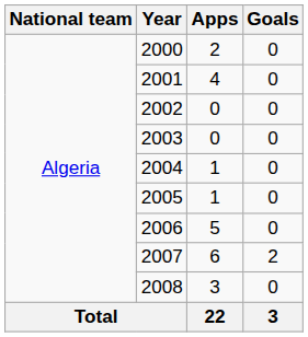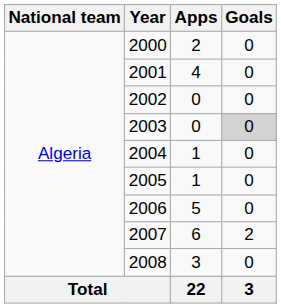 <table class="wikitable" style="text-align:center">
 <tr>
 <th>National team</th>
 <th>Year</th>
 <th>Apps</th>
 <th>Goals</th>
 </tr>
 <tr>
 <td rowspan="9"><a href='#'>Algeria</a></td>
 <td>2000</td>
 <td>2</td>
 <td>0</td>
 </tr>
 <tr>
 <td>2001</td>
 <td>4</td>
 <td>0</td>
 </tr>
 <tr>
 <td>2002</td>
 <td>0</td>
 <td>0</td>
 </tr>
 <tr>
 <td>2003</td>
 <td>0</td>
-<td>0</td>
+<td style="background: lightgrey;">0</td>
 </tr>
 <tr>
 <td>2004</td>
 <td>1</td>
 <td>0</td>
 </tr>
 <tr>
 <td>2005</td>
 <td>1</td>
 <td>0</td>
 </tr>
 <tr>
 <td>2006</td>
 <td>5</td>
 <td>0</td>
 </tr>
 <tr>
 <td>2007</td>
 <td>6</td>
 <td>2</td>
 </tr>
 <tr>
 <td>2008</td>
 <td>3</td>
 <td>0</td>
 </tr>
 <tr>
 <th colspan="2">Total</th>
 <th>22</th>
 <th>3</th>
 </tr>
 </table>
